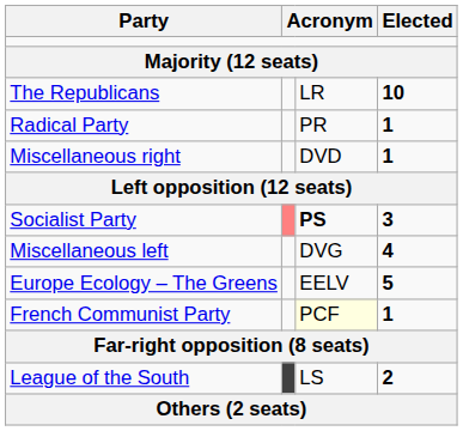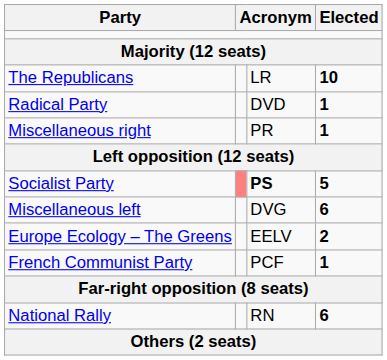 <table class="wikitable">
 <tr>
 <th>Party</th>
 <th colspan="2">Acronym</th>
 <th>Elected</th>
 </tr>
 <tr>
 <td colspan="4"></td>
 </tr>
 <tr>
 <th colspan="4"><strong>Majority</strong> (12 seats)</th>
 </tr>
 <tr>
 <td><a href='#'>The Republicans</a></td>
 <td style="color:inherit;background:"></td>
 <td>LR</td>
 <td><strong>10</strong></td>
 </tr>
 <tr>
 <td><a href='#'>Radical Party</a></td>
 <td style="color:inherit;background:"></td>
-<td>PR</td>
+<td>DVD</td>
 <td><strong>1</strong></td>
 </tr>
 <tr>
 <td><a href='#'>Miscellaneous right</a></td>
 <td style="color:inherit;background:"></td>
-<td>DVD</td>
+<td>PR</td>
 <td><strong>1</strong></td>
 </tr>
 <tr>
 <th colspan="4"><strong>Left opposition</strong> (12 seats)</th>
 </tr>
 <tr>
 <td><a href='#'>Socialist Party</a></td>
 <td style="color:inherit;background:#FF8080"></td>
 <td><strong>PS</strong></td>
-<td><strong>3</strong></td>
+<td><strong>5</strong></td>
 </tr>
 <tr>
 <td><a href='#'>Miscellaneous left</a></td>
 <td style="color:inherit;background:"></td>
 <td>DVG</td>
-<td><strong>4</strong></td>
+<td><strong>6</strong></td>
 </tr>
 <tr>
 <td><a href='#'>Europe Ecology – The Greens</a></td>
 <td style="color:inherit;background:"></td>
 <td>EELV</td>
-<td><strong>5</strong></td>
+<td><strong>2</strong></td>
 </tr>
 <tr>
 <td><a href='#'>French Communist Party</a></td>
 <td style="color:inherit;background:"></td>
-<td style="background: lightyellow;">PCF</td>
+<td>PCF</td>
 <td><strong>1</strong></td>
 </tr>
 <tr>
 <th colspan="4"><strong>Far-right opposition</strong> (8 seats)</th>
 </tr>
 <tr>
-<td><a href='#'>League of the South</a></td>
-<td style="color:inherit;background:#404040"></td>
-<td>LS</td>
-<td><strong>2</strong></td>
+<td><a href='#'>National Rally</a></td>
+<td style="color:inherit;background:"></td>
+<td>RN</td>
+<td><strong>6</strong></td>
 </tr>
 <tr>
 <th colspan="4"><strong>Others</strong> (2 seats)</th>
 </tr>
 </table>
